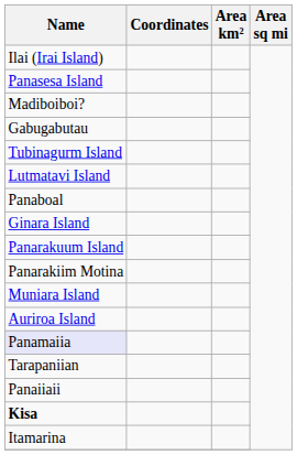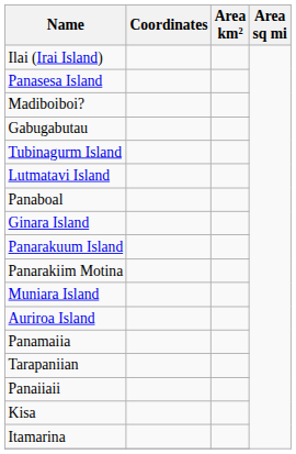 <table class="wikitable sortable">
 <tr>
 <th>Name</th>
 <th>Coordinates</th>
 <th>Area<br>km²</th>
 <th>Area<br>sq mi</th>
 </tr>
 <tr>
 <td>Ilai (<a href='#'>Irai Island</a>)</td>
 <td align="left"><small></small></td>
 <td></td>
 </tr>
 <tr>
 <td><a href='#'>Panasesa Island</a></td>
 <td align="left"><small></small></td>
 <td></td>
 </tr>
 <tr>
 <td>Madiboiboi?</td>
 <td align="left"><small></small></td>
 <td></td>
 </tr>
 <tr>
 <td>Gabugabutau</td>
 <td align="left"><small></small></td>
 <td></td>
 </tr>
 <tr>
 <td><a href='#'>Tubinagurm Island</a></td>
 <td align="left"><small></small></td>
 <td></td>
 </tr>
 <tr>
 <td><a href='#'>Lutmatavi Island</a></td>
 <td align="left"><small></small></td>
 <td></td>
 </tr>
 <tr>
 <td>Panaboal</td>
 <td align="left"><small></small></td>
 <td></td>
 </tr>
 <tr>
 <td><a href='#'>Ginara Island</a></td>
 <td align="left"><small></small></td>
 <td></td>
 </tr>
 <tr>
 <td><a href='#'>Panarakuum Island</a></td>
 <td align="left"><small></small></td>
 <td></td>
 </tr>
 <tr>
 <td>Panarakiim Motina</td>
 <td align="left"><small></small></td>
 <td></td>
 </tr>
 <tr>
 <td><a href='#'>Muniara Island</a></td>
 <td align="left"><small></small></td>
 <td></td>
 </tr>
 <tr>
 <td><a href='#'>Auriroa Island</a></td>
 <td align="left"><small></small></td>
 <td></td>
 </tr>
 <tr>
-<td style="background: lavender;">Panamaiia</td>
+<td>Panamaiia</td>
 <td align="left"><small></small></td>
 <td></td>
 </tr>
 <tr>
 <td>Tarapaniian</td>
 <td align="left"><small></small></td>
 <td></td>
 </tr>
 <tr>
 <td>Panaiiaii</td>
 <td align="left"><small></small></td>
 <td></td>
 </tr>
 <tr>
-<td><strong>Kisa</strong></td>
+<td>Kisa</td>
 <td align="left"><small></small></td>
 <td></td>
 </tr>
 <tr>
 <td>Itamarina</td>
 <td align="left"><small></small></td>
 <td></td>
 </tr>
 <tr>
 </tr>
 </table>
